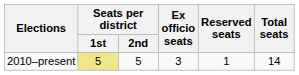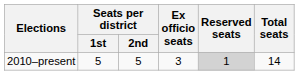 <table class="wikitable" style="text-align:center;">
 <tr>
 <th rowspan="2">Elections</th>
 <th colspan="2">Seats per district</th>
 <th rowspan="2" width="50px">Ex officio seats</th>
 <th rowspan="2" width="50px">Reserved seats</th>
 <th rowspan="2" width="50px">Total seats</th>
 </tr>
 <tr>
 <th width="50px">1st</th>
 <th width="50px">2nd</th>
 </tr>
 <tr>
 <td>2010–present</td>
-<td style="background: khaki;">5</td>
+<td>5</td>
 <td>5</td>
 <td>3</td>
-<td>1</td>
+<td style="background: lightgrey;">1</td>
 <td>14</td>
 </tr>
 </table>
